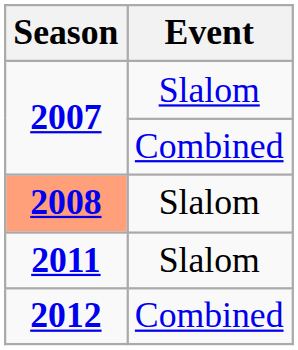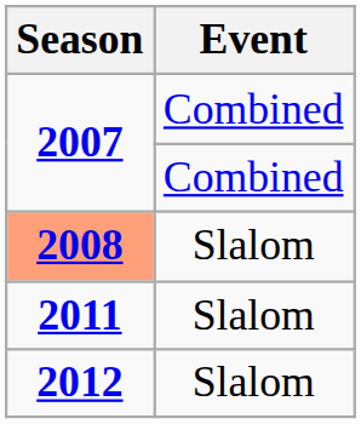 <table class="wikitable" style="text-align:center; font-size: 100%;">
 <tr>
 <th>Season</th>
 <th>Event</th>
 </tr>
 <tr>
 <td rowspan=2><strong><a href='#'>2007</a></strong></td>
-<td><a href='#'>Slalom</a></td>
+<td><a href='#'>Combined</a></td>
 </tr>
 <tr>
 <td><a href='#'>Combined</a></td>
 </tr>
 <tr>
 <td style="background: lightsalmon;"><strong><a href='#'>2008</a></strong></td>
 <td>Slalom</td>
 </tr>
 <tr>
 <td><strong><a href='#'>2011</a></strong></td>
 <td>Slalom</td>
 </tr>
 <tr>
 <td><strong><a href='#'>2012</a></strong></td>
-<td><a href='#'>Combined</a></td>
+<td>Slalom</td>
 </tr>
 </table>
